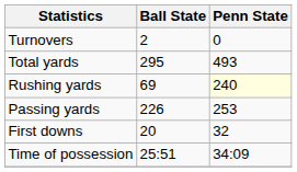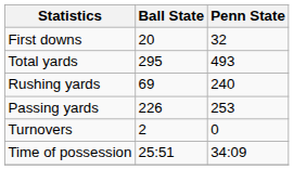 <table class="wikitable">
 <tr>
 <th>Statistics</th>
 <th>Ball State</th>
 <th>Penn State</th>
 </tr>
 <tr>
-<td>Turnovers</td>
-<td>2</td>
-<td>0</td>
+<td>First downs</td>
+<td>20</td>
+<td>32</td>
 </tr>
 <tr>
 <td>Total yards</td>
 <td>295</td>
 <td>493</td>
 </tr>
 <tr>
 <td>Rushing yards</td>
 <td>69</td>
-<td style="background: lightyellow;">240</td>
+<td>240</td>
 </tr>
 <tr>
 <td>Passing yards</td>
 <td>226</td>
 <td>253</td>
 </tr>
 <tr>
-<td>First downs</td>
-<td>20</td>
-<td>32</td>
+<td>Turnovers</td>
+<td>2</td>
+<td>0</td>
 </tr>
 <tr>
 <td>Time of possession</td>
 <td>25:51</td>
 <td>34:09</td>
 </tr>
 <tr>
 </tr>
 </table>
